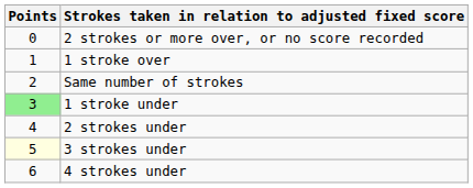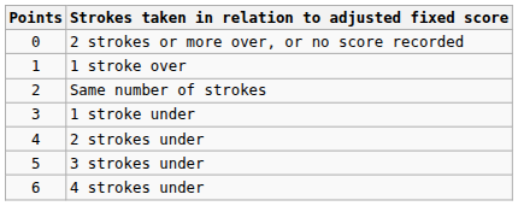 <table class=wikitable>
 <tr>
 <th>Points</th>
 <th>Strokes taken in relation to adjusted fixed score</th>
 </tr>
 <tr>
 <td align=center>0</td>
 <td>2 strokes or more over, or no score recorded</td>
 </tr>
 <tr>
 <td align=center>1</td>
 <td>1 stroke over</td>
 </tr>
 <tr>
 <td align=center>2</td>
 <td>Same number of strokes</td>
 </tr>
 <tr>
-<td align=center style="background: lightgreen;">3</td>
+<td align=center>3</td>
 <td>1 stroke under</td>
 </tr>
 <tr>
 <td align=center>4</td>
 <td>2 strokes under</td>
 </tr>
 <tr>
-<td align=center style="background: lightyellow;">5</td>
+<td align=center>5</td>
 <td>3 strokes under</td>
 </tr>
 <tr>
 <td align=center>6</td>
 <td>4 strokes under</td>
 </tr>
 </table>
